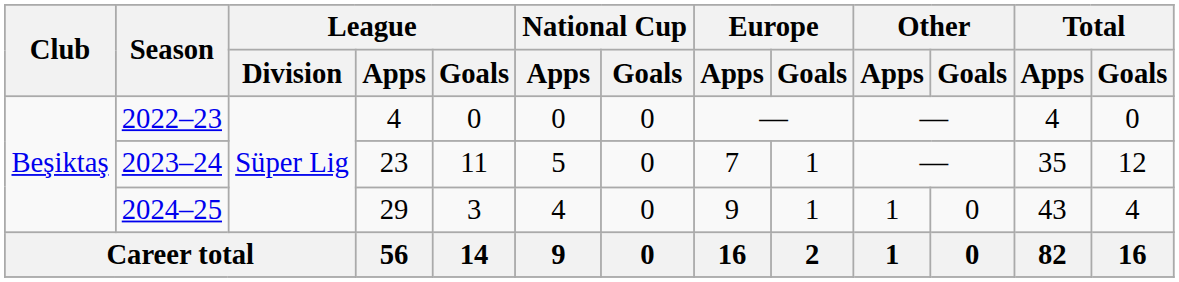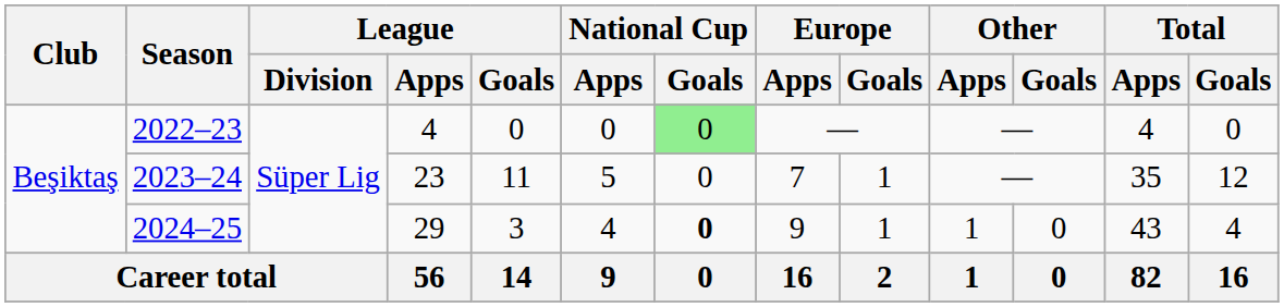 <table class="wikitable" style="text-align: center;">
 <tr>
 <th rowspan="2">Club</th>
 <th rowspan="2">Season</th>
 <th colspan="3">League</th>
 <th colspan="2">National Cup</th>
 <th colspan="2">Europe</th>
 <th colspan="2">Other</th>
 <th colspan="2">Total</th>
 </tr>
 <tr>
 <th>Division</th>
 <th>Apps</th>
 <th>Goals</th>
 <th>Apps</th>
 <th>Goals</th>
 <th>Apps</th>
 <th>Goals</th>
 <th>Apps</th>
 <th>Goals</th>
 <th>Apps</th>
 <th>Goals</th>
 </tr>
 <tr>
 <td rowspan="3"><a href='#'>Beşiktaş</a></td>
 <td><a href='#'>2022–23</a></td>
 <td rowspan="3"><a href='#'>Süper Lig</a></td>
 <td>4</td>
 <td>0</td>
 <td>0</td>
-<td>0</td>
+<td style="background: lightgreen;">0</td>
 <td colspan="2">—</td>
 <td colspan="2">—</td>
 <td>4</td>
 <td>0</td>
 </tr>
 <tr>
 <td><a href='#'>2023–24</a></td>
 <td>23</td>
 <td>11</td>
 <td>5</td>
 <td>0</td>
 <td>7</td>
 <td>1</td>
 <td colspan="2">—</td>
 <td>35</td>
 <td>12</td>
 </tr>
 <tr>
 <td><a href='#'>2024–25</a></td>
 <td>29</td>
 <td>3</td>
 <td>4</td>
-<td>0</td>
+<td><strong>0</strong></td>
 <td>9</td>
 <td>1</td>
 <td>1</td>
 <td>0</td>
 <td>43</td>
 <td>4</td>
 </tr>
 <tr>
 <th colspan="3">Career total</th>
 <th>56</th>
 <th>14</th>
 <th>9</th>
 <th>0</th>
 <th>16</th>
 <th>2</th>
 <th>1</th>
 <th>0</th>
 <th>82</th>
 <th>16</th>
 </tr>
 </table>
